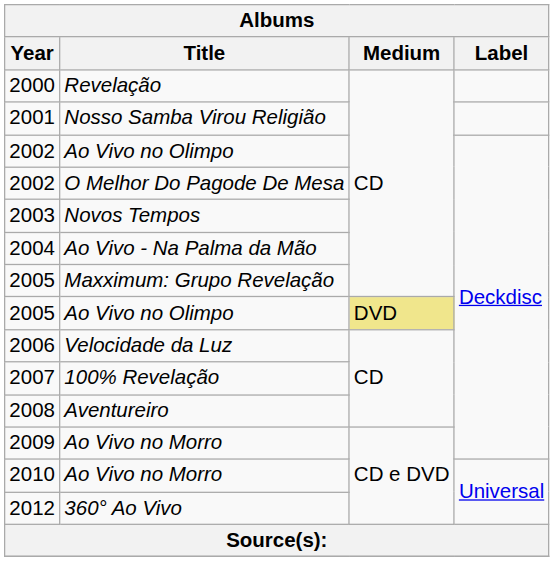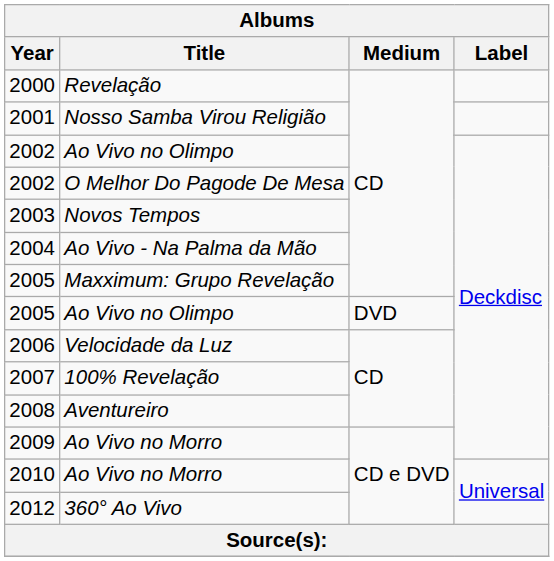 <table class="wikitable">
 <tr>
 <th colspan="4">Albums</th>
 </tr>
 <tr>
 <th>Year</th>
 <th>Title</th>
 <th>Medium</th>
 <th>Label</th>
 </tr>
 <tr>
 <td>2000</td>
 <td><em>Revelação</em></td>
 <td rowspan="7">CD</td>
 <td></td>
 </tr>
 <tr>
 <td>2001</td>
 <td><em>Nosso Samba Virou Religião</em></td>
 <td></td>
 </tr>
 <tr>
 <td>2002</td>
 <td><em>Ao Vivo no Olimpo</em></td>
 <td rowspan="10"><a href='#'>Deckdisc</a></td>
 </tr>
 <tr>
 <td>2002</td>
 <td><em>O Melhor Do Pagode De Mesa</em></td>
 </tr>
 <tr>
 <td>2003</td>
 <td><em>Novos Tempos</em></td>
 </tr>
 <tr>
 <td>2004</td>
 <td><em>Ao Vivo - Na Palma da Mão</em></td>
 </tr>
 <tr>
 <td>2005</td>
 <td><em>Maxximum: Grupo Revelação</em></td>
 </tr>
 <tr>
 <td>2005</td>
 <td><em>Ao Vivo no Olimpo</em></td>
-<td style="background: khaki;">DVD</td>
+<td>DVD</td>
 </tr>
 <tr>
 <td>2006</td>
 <td><em>Velocidade da Luz</em></td>
 <td rowspan="3">CD</td>
 </tr>
 <tr>
 <td>2007</td>
 <td><em>100% Revelação</em></td>
 </tr>
 <tr>
 <td>2008</td>
 <td><em>Aventureiro</em></td>
 </tr>
 <tr>
 <td>2009</td>
 <td><em>Ao Vivo no Morro</em></td>
 <td rowspan="3">CD e DVD</td>
 </tr>
 <tr>
 <td>2010</td>
 <td><em>Ao Vivo no Morro</em></td>
 <td rowspan="2"><a href='#'>Universal</a></td>
 </tr>
 <tr>
 <td>2012</td>
 <td><em>360° Ao Vivo</em></td>
 </tr>
 <tr>
 <th colspan="4">Source(s):</th>
 </tr>
 <tr>
 </tr>
 </table>
